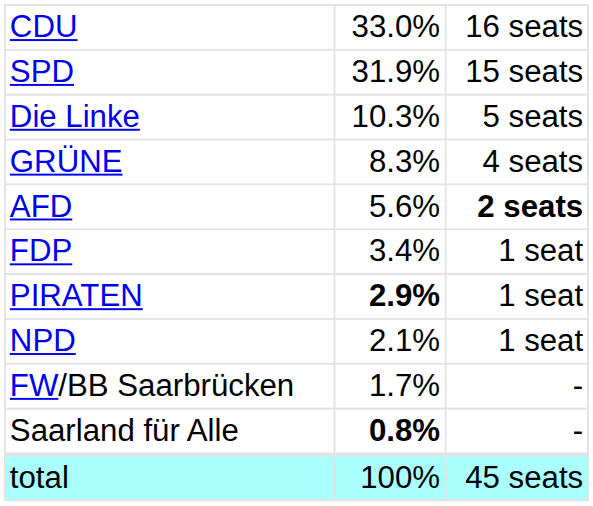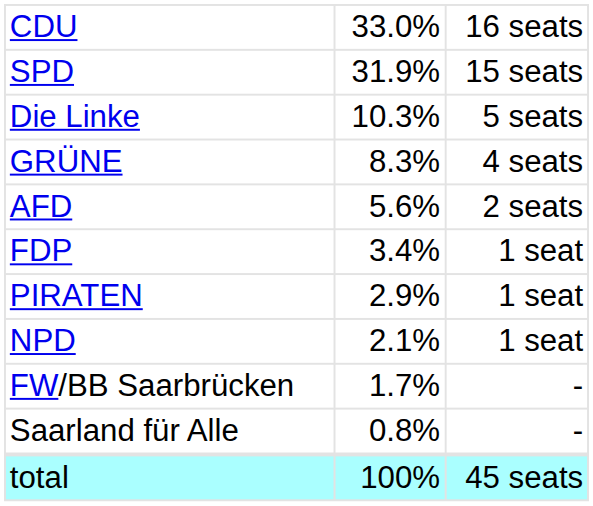 <table cellpadding="2" style="width:300px; background:#e3e3e3; border-spacing:1px;">
 <tr style="text-align:right; background:#fff;">
 <td style="text-align:left;"><a href='#'>CDU</a></td>
 <td>33.0%</td>
 <td>16 seats</td>
 </tr>
 <tr style="text-align:right; background:#fff;">
 <td style="text-align:left;"><a href='#'>SPD</a></td>
 <td>31.9%</td>
 <td>15 seats</td>
 </tr>
 <tr style="text-align:right; background:#fff;">
 <td style="text-align:left;"><a href='#'>Die Linke</a></td>
 <td>10.3%</td>
 <td>5 seats</td>
 </tr>
 <tr style="text-align:right; background:#fff;">
 <td style="text-align:left;"><a href='#'>GRÜNE</a></td>
 <td>8.3%</td>
 <td>4 seats</td>
 </tr>
 <tr style="text-align:right; background:#fff;">
 <td style="text-align:left;"><a href='#'>AFD</a></td>
 <td>5.6%</td>
-<td><strong>2 seats</strong></td>
+<td>2 seats</td>
 </tr>
 <tr style="text-align:right; background:#fff;">
 <td style="text-align:left;"><a href='#'>FDP</a></td>
 <td>3.4%</td>
 <td>1 seat</td>
 </tr>
 <tr style="text-align:right; background:#fff;">
 <td style="text-align:left;"><a href='#'>PIRATEN</a></td>
-<td><strong>2.9%</strong></td>
+<td>2.9%</td>
 <td>1 seat</td>
 </tr>
 <tr style="text-align:right; background:#fff;">
 <td style="text-align:left;"><a href='#'>NPD</a></td>
 <td>2.1%</td>
 <td>1 seat</td>
 </tr>
 <tr style="text-align:right; background:#fff;">
 <td style="text-align:left;"><a href='#'>FW</a>/BB Saarbrücken</td>
 <td>1.7%</td>
 <td>-</td>
 </tr>
 <tr style="text-align:right; background:#fff;">
 <td style="text-align:left;">Saarland für Alle</td>
-<td><strong>0.8%</strong></td>
+<td>0.8%</td>
 <td>-</td>
 </tr>
 <tr style="text-align:right; background:#fff;">
 </tr>
 <tr style="text-align:right; background:#aff;">
 <td style="text-align:left;">total</td>
 <td>100%</td>
 <td>45 seats</td>
 </tr>
 </table>
